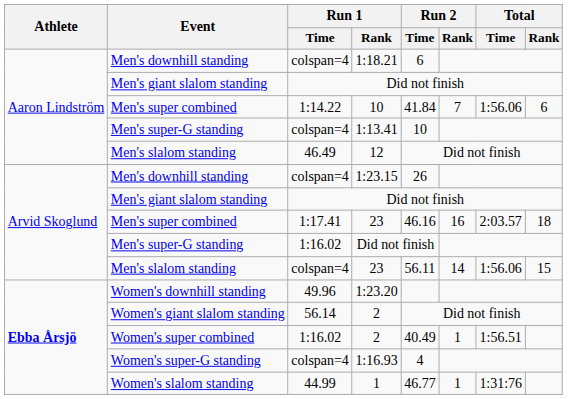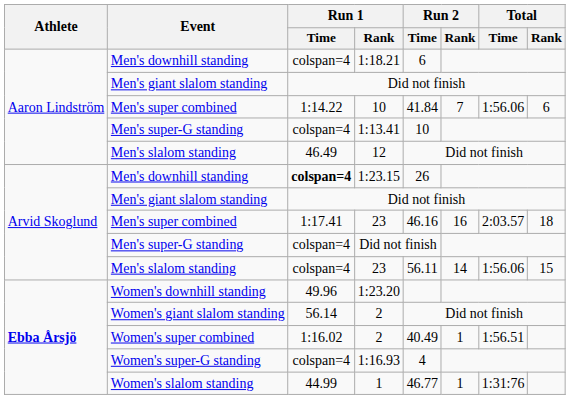 <table class="wikitable" style="font-size:90%">
 <tr>
 <th rowspan=2>Athlete</th>
 <th rowspan=2>Event</th>
 <th colspan=2>Run 1</th>
 <th colspan=2>Run 2</th>
 <th colspan=2>Total</th>
 </tr>
 <tr style="font-size:95%">
 <th>Time</th>
 <th>Rank</th>
 <th>Time</th>
 <th>Rank</th>
 <th>Time</th>
 <th>Rank</th>
 </tr>
 <tr align=center>
 <td align=left rowspan=5><a href='#'>Aaron Lindström</a></td>
 <td align=left><a href='#'>Men's downhill standing</a></td>
 <td>colspan=4 </td>
 <td>1:18.21</td>
 <td>6</td>
 </tr>
 <tr align=center>
 <td align=left><a href='#'>Men's giant slalom standing</a></td>
 <td colspan=6>Did not finish</td>
 </tr>
 <tr align=center>
 <td align=left><a href='#'>Men's super combined</a></td>
 <td>1:14.22</td>
 <td>10</td>
 <td>41.84</td>
 <td>7</td>
 <td>1:56.06</td>
 <td>6</td>
 </tr>
 <tr align=center>
 <td align=left><a href='#'>Men's super-G standing</a></td>
 <td>colspan=4 </td>
 <td>1:13.41</td>
 <td>10</td>
 </tr>
 <tr align=center>
 <td align=left><a href='#'>Men's slalom standing</a></td>
 <td>46.49</td>
 <td>12</td>
 <td colspan=4>Did not finish</td>
 </tr>
 <tr align=center>
 <td align=left rowspan=5><a href='#'>Arvid Skoglund</a></td>
 <td align=left><a href='#'>Men's downhill standing</a></td>
-<td>colspan=4 </td>
+<td><strong>colspan=4 </strong></td>
 <td>1:23.15</td>
 <td>26</td>
 </tr>
 <tr align=center>
 <td align=left><a href='#'>Men's giant slalom standing</a></td>
 <td colspan=6>Did not finish</td>
 </tr>
 <tr align=center>
 <td align=left><a href='#'>Men's super combined</a></td>
 <td>1:17.41</td>
 <td>23</td>
 <td>46.16</td>
 <td>16</td>
 <td>2:03.57</td>
 <td>18</td>
 </tr>
 <tr align=center>
 <td align=left><a href='#'>Men's super-G standing</a></td>
-<td>1:16.02</td>
+<td>colspan=4 </td>
 <td colspan=2>Did not finish</td>
 </tr>
 <tr align=center>
 <td align=left><a href='#'>Men's slalom standing</a></td>
 <td>colspan=4 </td>
 <td>23</td>
 <td>56.11</td>
 <td>14</td>
 <td>1:56.06</td>
 <td>15</td>
 </tr>
 <tr align=center>
 <td align=left rowspan=5><strong><a href='#'>Ebba Årsjö</a></strong></td>
 <td align=left><a href='#'>Women's downhill standing</a></td>
 <td>49.96</td>
 <td>1:23.20</td>
 <td></td>
 </tr>
 <tr align=center>
 <td align=left><a href='#'>Women's giant slalom standing</a></td>
 <td>56.14</td>
 <td>2</td>
 <td colspan=4>Did not finish</td>
 </tr>
 <tr align=center>
 <td align=left><a href='#'>Women's super combined</a></td>
 <td>1:16.02</td>
 <td>2</td>
 <td>40.49</td>
 <td>1</td>
 <td>1:56.51</td>
 <td></td>
 </tr>
 <tr align=center>
 <td align=left><a href='#'>Women's super-G standing</a></td>
 <td>colspan=4 </td>
 <td>1:16.93</td>
 <td>4</td>
 </tr>
 <tr align=center>
 <td align=left><a href='#'>Women's slalom standing</a></td>
 <td>44.99</td>
 <td>1</td>
 <td>46.77</td>
 <td>1</td>
 <td>1:31:76</td>
 <td></td>
 </tr>
 </table>
